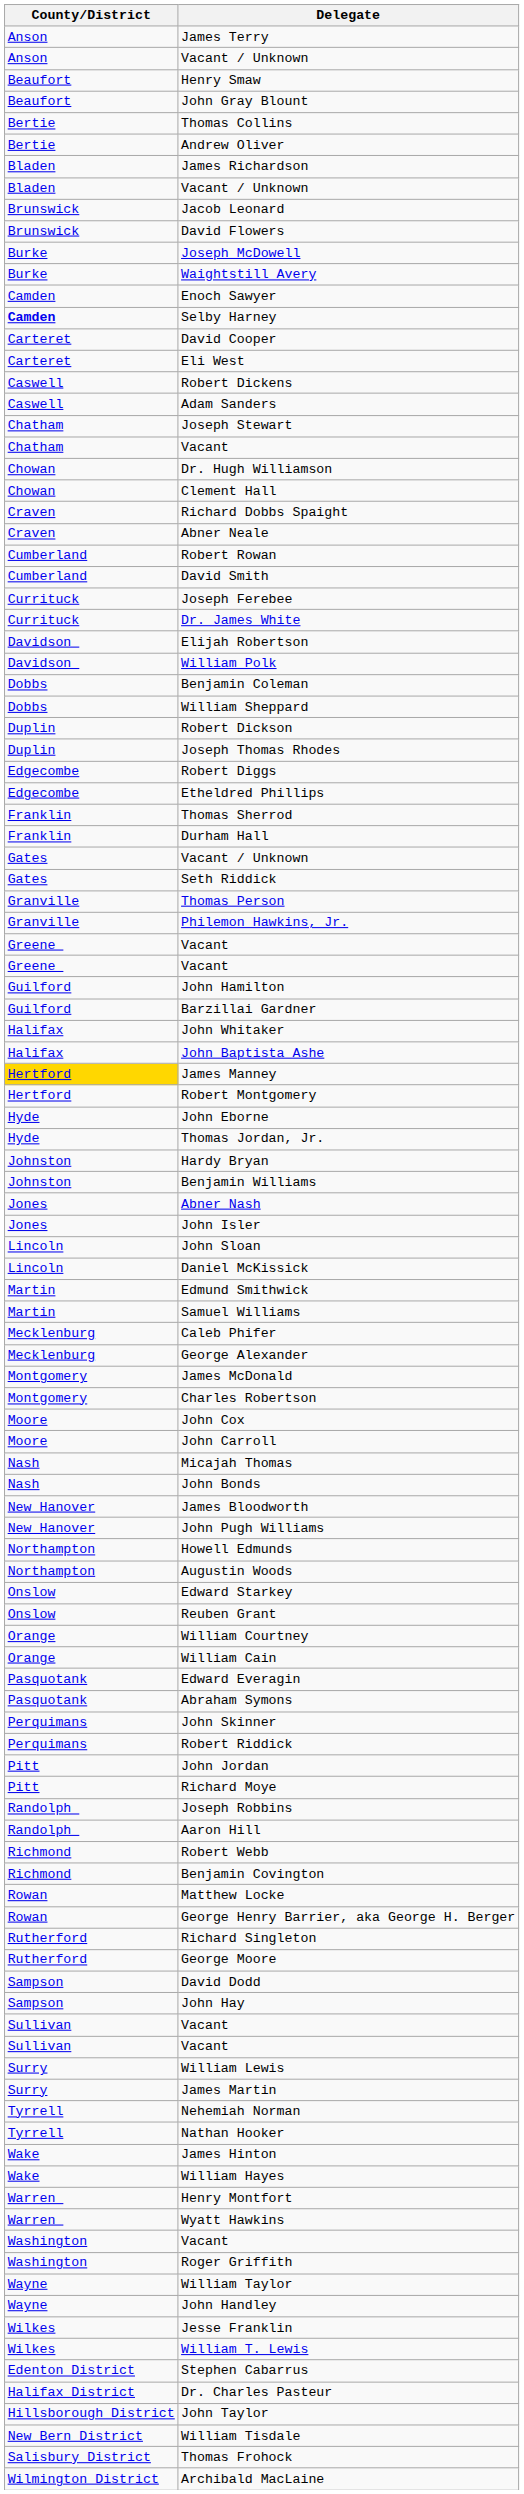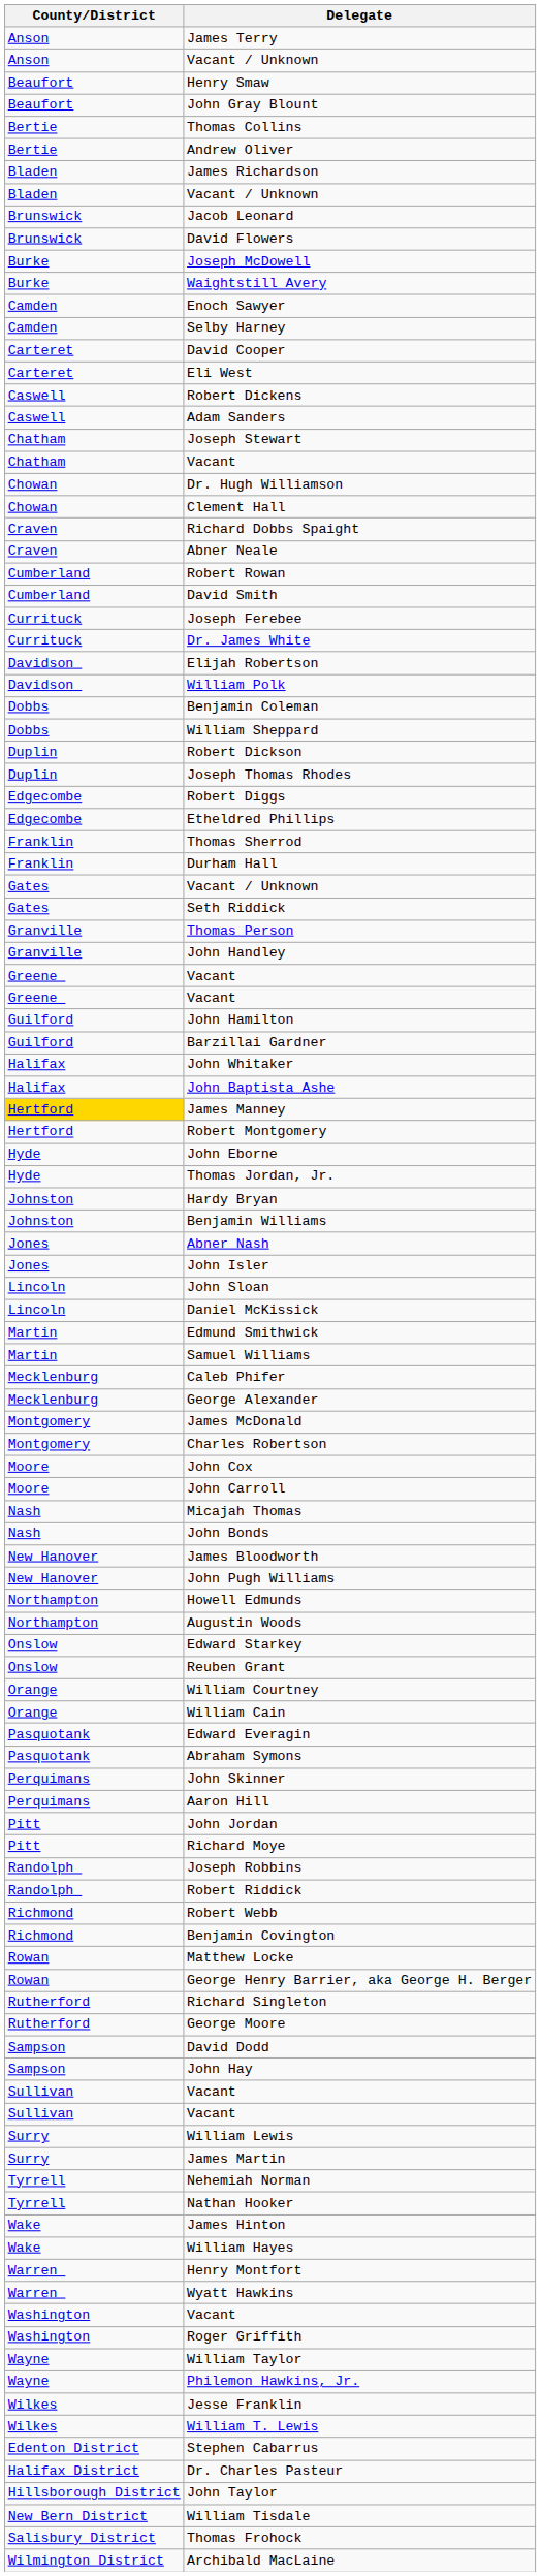 <table class="wikitable sortable">
 <tr>
 <th>County/District</th>
 <th>Delegate</th>
 </tr>
 <tr>
 <td><a href='#'>Anson</a></td>
 <td data-sort-value="Terry, James">James Terry</td>
 </tr>
 <tr>
 <td><a href='#'>Anson</a></td>
 <td data-sort-value="z Vacant/Unknown">Vacant / Unknown</td>
 </tr>
 <tr>
 <td><a href='#'>Beaufort</a></td>
 <td data-sort-value="Smaw, Henry">Henry Smaw</td>
 </tr>
 <tr>
 <td><a href='#'>Beaufort</a></td>
 <td data-sort-value="Blount, John Gray">John Gray Blount</td>
 </tr>
 <tr>
 <td><a href='#'>Bertie</a></td>
 <td data-sort-value="Collins, Thomas">Thomas Collins</td>
 </tr>
 <tr>
 <td><a href='#'>Bertie</a></td>
 <td data-sort-value="Oliver, Andrew">Andrew Oliver</td>
 </tr>
 <tr>
 <td><a href='#'>Bladen</a></td>
 <td data-sort-value="Richardson, James">James Richardson</td>
 </tr>
 <tr>
 <td><a href='#'>Bladen</a></td>
 <td data-sort-value="z Vacant/Unknown">Vacant / Unknown</td>
 </tr>
 <tr>
 <td><a href='#'>Brunswick</a></td>
 <td data-sort-value="Leonard, Jacob">Jacob Leonard</td>
 </tr>
 <tr>
 <td><a href='#'>Brunswick</a></td>
 <td data-sort-value="Flowers, David">David Flowers</td>
 </tr>
 <tr>
 <td><a href='#'>Burke</a></td>
 <td data-sort-value="McDowell, Joseph"><a href='#'>Joseph McDowell</a></td>
 </tr>
 <tr>
 <td><a href='#'>Burke</a></td>
 <td data-sort-value="Avery, Waightstill"><a href='#'>Waightstill Avery</a></td>
 </tr>
 <tr>
 <td><a href='#'>Camden</a></td>
 <td data-sort-value="Sawyer, Enoch">Enoch Sawyer</td>
 </tr>
 <tr>
-<td><strong><a href='#'>Camden</a></strong></td>
+<td><a href='#'>Camden</a></td>
 <td data-sort-value="Harney, Selby">Selby Harney</td>
 </tr>
 <tr>
 <td><a href='#'>Carteret</a></td>
 <td data-sort-value="Cooper, David">David Cooper</td>
 </tr>
 <tr>
 <td><a href='#'>Carteret</a></td>
 <td data-sort-value="West, Eli">Eli West</td>
 </tr>
 <tr>
 <td><a href='#'>Caswell</a></td>
 <td data-sort-value="Dickens, Robert">Robert Dickens</td>
 </tr>
 <tr>
 <td><a href='#'>Caswell</a></td>
 <td data-sort-value="Sanders, Adam">Adam Sanders</td>
 </tr>
 <tr>
 <td><a href='#'>Chatham</a></td>
 <td data-sort-value="Stewart, Joseph">Joseph Stewart</td>
 </tr>
 <tr>
 <td><a href='#'>Chatham</a></td>
 <td data-sort-value="z Vacant">Vacant</td>
 </tr>
 <tr>
 <td><a href='#'>Chowan</a></td>
 <td data-sort-value="williamson, Hugh, Dr.">Dr. Hugh Williamson</td>
 </tr>
 <tr>
 <td><a href='#'>Chowan</a></td>
 <td data-sort-value="Hall, Clement">Clement Hall</td>
 </tr>
 <tr>
 <td><a href='#'>Craven</a></td>
 <td data-sort-value="Spaight, Richard Dobbs">Richard Dobbs Spaight</td>
 </tr>
 <tr>
 <td><a href='#'>Craven</a></td>
 <td data-sort-value="Neale, Abner">Abner Neale</td>
 </tr>
 <tr>
 <td><a href='#'>Cumberland</a></td>
 <td data-sort-value="Rowan, Robert">Robert Rowan</td>
 </tr>
 <tr>
 <td><a href='#'>Cumberland</a></td>
 <td data-sort-value="Smith, David">David Smith</td>
 </tr>
 <tr>
 <td><a href='#'>Currituck</a></td>
 <td data-sort-value="Ferebee, Joseph">Joseph Ferebee</td>
 </tr>
 <tr>
 <td><a href='#'>Currituck</a></td>
 <td data-sort-value="White, James, Dr."><a href='#'>Dr. James White</a></td>
 </tr>
 <tr>
 <td><a href='#'>Davidson </a></td>
 <td data-sort-value="Robertson, Elijah">Elijah Robertson</td>
 </tr>
 <tr>
 <td><a href='#'>Davidson </a></td>
 <td data-sort-value="Polk, William"><a href='#'>William Polk</a></td>
 </tr>
 <tr>
 <td><a href='#'>Dobbs</a></td>
 <td data-sort-value="Coleman, Benjamin">Benjamin Coleman</td>
 </tr>
 <tr>
 <td><a href='#'>Dobbs</a></td>
 <td data-sort-value="Sheppard, William">William Sheppard</td>
 </tr>
 <tr>
 <td><a href='#'>Duplin</a></td>
 <td data-sort-value="Dickson, Robert">Robert Dickson</td>
 </tr>
 <tr>
 <td><a href='#'>Duplin</a></td>
 <td data-sort-value="Rhodes, Joseph Thomas">Joseph Thomas Rhodes</td>
 </tr>
 <tr>
 <td><a href='#'>Edgecombe</a></td>
 <td data-sort-value="Diggs, Robert">Robert Diggs</td>
 </tr>
 <tr>
 <td><a href='#'>Edgecombe</a></td>
 <td data-sort-value="Phillips, Etheldred">Etheldred Phillips</td>
 </tr>
 <tr>
 <td><a href='#'>Franklin</a></td>
 <td data-sort-value="Sherrod, Thomas">Thomas Sherrod</td>
 </tr>
 <tr>
 <td><a href='#'>Franklin</a></td>
 <td data-sort-value="Hall, Durham">Durham Hall</td>
 </tr>
 <tr>
 <td><a href='#'>Gates</a></td>
 <td data-sort-value="z Vacant/Unknown">Vacant / Unknown</td>
 </tr>
 <tr>
 <td><a href='#'>Gates</a></td>
 <td data-sort-value="Riddick, Seth">Seth Riddick</td>
 </tr>
 <tr>
 <td><a href='#'>Granville</a></td>
 <td data-sort-value="Person, Thomas"><a href='#'>Thomas Person</a></td>
 </tr>
 <tr>
 <td><a href='#'>Granville</a></td>
-<td data-sort-value="Hawkins, Philemon, Jr."><a href='#'>Philemon Hawkins, Jr.</a></td>
+<td data-sort-value="Handley, John">John Handley</td>
 </tr>
 <tr>
 <td><a href='#'>Greene </a></td>
 <td data-sort-value="z Vacant">Vacant</td>
 </tr>
 <tr>
 <td><a href='#'>Greene </a></td>
 <td data-sort-value="z Vacant ">Vacant</td>
 </tr>
 <tr>
 <td><a href='#'>Guilford</a></td>
 <td data-sort-value="Hamilton, John">John Hamilton</td>
 </tr>
 <tr>
 <td><a href='#'>Guilford</a></td>
 <td data-sort-value="Gardner, Barzillai">Barzillai Gardner</td>
 </tr>
 <tr>
 <td><a href='#'>Halifax</a></td>
 <td data-sort-value="Whitaker, John">John Whitaker</td>
 </tr>
 <tr>
 <td><a href='#'>Halifax</a></td>
 <td data-sort-value="Ashe, John Baptista"><a href='#'>John Baptista Ashe</a></td>
 </tr>
 <tr>
 <td style="background: gold;"><a href='#'>Hertford</a></td>
 <td data-sort-value="Manney, James">James Manney</td>
 </tr>
 <tr>
 <td><a href='#'>Hertford</a></td>
 <td data-sort-value="Montgomery, Robert">Robert Montgomery</td>
 </tr>
 <tr>
 <td><a href='#'>Hyde</a></td>
 <td data-sort-value="Eborne, John">John Eborne</td>
 </tr>
 <tr>
 <td><a href='#'>Hyde</a></td>
 <td data-sort-value="Jordan, Thomas, Jr.">Thomas Jordan, Jr.</td>
 </tr>
 <tr>
 <td><a href='#'>Johnston</a></td>
 <td data-sort-value="Bryan, Hardy">Hardy Bryan</td>
 </tr>
 <tr>
 <td><a href='#'>Johnston</a></td>
 <td data-sort-value="Williams, Benjamin">Benjamin Williams</td>
 </tr>
 <tr>
 <td><a href='#'>Jones</a></td>
 <td data-sort-value="Nash, Abner"><a href='#'>Abner Nash</a></td>
 </tr>
 <tr>
 <td><a href='#'>Jones</a></td>
 <td data-sort-value="Isler, John">John Isler</td>
 </tr>
 <tr>
 <td><a href='#'>Lincoln</a></td>
 <td data-sort-value="Sloan, John">John Sloan</td>
 </tr>
 <tr>
 <td><a href='#'>Lincoln</a></td>
 <td data-sort-value="McKissick, Daniel">Daniel McKissick</td>
 </tr>
 <tr>
 <td><a href='#'>Martin</a></td>
 <td data-sort-value="Smithwick, Edmund">Edmund Smithwick</td>
 </tr>
 <tr>
 <td><a href='#'>Martin</a></td>
 <td data-sort-value="Williams, Samuel">Samuel Williams</td>
 </tr>
 <tr>
 <td><a href='#'>Mecklenburg</a></td>
 <td data-sort-value="Phifer, Caleb">Caleb Phifer</td>
 </tr>
 <tr>
 <td><a href='#'>Mecklenburg</a></td>
 <td data-sort-value="Alexander, George">George Alexander</td>
 </tr>
 <tr>
 <td><a href='#'>Montgomery</a></td>
 <td data-sort-value="McDonald, James">James McDonald</td>
 </tr>
 <tr>
 <td><a href='#'>Montgomery</a></td>
 <td data-sort-value="Robertson, Charles">Charles Robertson</td>
 </tr>
 <tr>
 <td><a href='#'>Moore</a></td>
 <td data-sort-value="Cox, John">John Cox</td>
 </tr>
 <tr>
 <td><a href='#'>Moore</a></td>
 <td data-sort-value="Carroll, John">John Carroll</td>
 </tr>
 <tr>
 <td><a href='#'>Nash</a></td>
 <td data-sort-value="Thomas, Micajah">Micajah Thomas</td>
 </tr>
 <tr>
 <td><a href='#'>Nash</a></td>
 <td data-sort-value="Bonds, John">John Bonds</td>
 </tr>
 <tr>
 <td><a href='#'>New Hanover</a></td>
 <td data-sort-value="Bloodworth, James">James Bloodworth</td>
 </tr>
 <tr>
 <td><a href='#'>New Hanover</a></td>
 <td data-sort-value="Williams, John Pugh">John Pugh Williams</td>
 </tr>
 <tr>
 <td><a href='#'>Northampton</a></td>
 <td data-sort-value="Edmunds, Howell">Howell Edmunds</td>
 </tr>
 <tr>
 <td><a href='#'>Northampton</a></td>
 <td data-sort-value="Woods, Augustin">Augustin Woods</td>
 </tr>
 <tr>
 <td><a href='#'>Onslow</a></td>
 <td data-sort-value="Starkey, Edward">Edward Starkey</td>
 </tr>
 <tr>
 <td><a href='#'>Onslow</a></td>
 <td data-sort-value="Grant, Reuben">Reuben Grant</td>
 </tr>
 <tr>
 <td><a href='#'>Orange</a></td>
 <td data-sort-value="Courtney, William">William Courtney</td>
 </tr>
 <tr>
 <td><a href='#'>Orange</a></td>
 <td data-sort-value="Cain, William">William Cain</td>
 </tr>
 <tr>
 <td><a href='#'>Pasquotank</a></td>
 <td data-sort-value="Everagin, Edward">Edward Everagin</td>
 </tr>
 <tr>
 <td><a href='#'>Pasquotank</a></td>
 <td data-sort-value="Symons, Abraham">Abraham Symons</td>
 </tr>
 <tr>
 <td><a href='#'>Perquimans</a></td>
 <td data-sort-value="Skinner, John">John Skinner</td>
 </tr>
 <tr>
 <td><a href='#'>Perquimans</a></td>
-<td data-sort-value="Riddick, Robert">Robert Riddick</td>
+<td data-sort-value="Hill, Aaron">Aaron Hill</td>
 </tr>
 <tr>
 <td><a href='#'>Pitt</a></td>
 <td data-sort-value="Jordan, John">John Jordan</td>
 </tr>
 <tr>
 <td><a href='#'>Pitt</a></td>
 <td data-sort-value="Moye, Richard">Richard Moye</td>
 </tr>
 <tr>
 <td><a href='#'>Randolph </a></td>
 <td data-sort-value="Robbins, Joseph">Joseph Robbins</td>
 </tr>
 <tr>
 <td><a href='#'>Randolph </a></td>
-<td data-sort-value="Hill, Aaron">Aaron Hill</td>
+<td data-sort-value="Riddick, Robert">Robert Riddick</td>
 </tr>
 <tr>
 <td><a href='#'>Richmond</a></td>
 <td data-sort-value="Webb, Robert">Robert Webb</td>
 </tr>
 <tr>
 <td><a href='#'>Richmond</a></td>
 <td data-sort-value="Covington, Benjamin">Benjamin Covington</td>
 </tr>
 <tr>
 <td><a href='#'>Rowan</a></td>
 <td data-sort-value="Locke, Matthew">Matthew Locke</td>
 </tr>
 <tr>
 <td><a href='#'>Rowan</a></td>
 <td data-sort-value="Berger, George H.">George Henry Barrier, aka George H. Berger</td>
 </tr>
 <tr>
 <td><a href='#'>Rutherford</a></td>
 <td data-sort-value="Singleton, Richard">Richard Singleton</td>
 </tr>
 <tr>
 <td><a href='#'>Rutherford</a></td>
 <td data-sort-value="Moore, George">George Moore</td>
 </tr>
 <tr>
 <td><a href='#'>Sampson</a></td>
 <td data-sort-value="Dodd, David">David Dodd</td>
 </tr>
 <tr>
 <td><a href='#'>Sampson</a></td>
 <td data-sort-value="Hay, John">John Hay</td>
 </tr>
 <tr>
 <td><a href='#'>Sullivan</a></td>
 <td data-sort-value="z Vacant">Vacant</td>
 </tr>
 <tr>
 <td><a href='#'>Sullivan</a></td>
 <td data-sort-value="z Vacant">Vacant</td>
 </tr>
 <tr>
 <td><a href='#'>Surry</a></td>
 <td data-sort-value="Lewis, William">William Lewis</td>
 </tr>
 <tr>
 <td><a href='#'>Surry</a></td>
 <td data-sort-value="Martin, James">James Martin</td>
 </tr>
 <tr>
 <td><a href='#'>Tyrrell</a></td>
 <td data-sort-value="Norman, Nehemiah">Nehemiah Norman</td>
 </tr>
 <tr>
 <td><a href='#'>Tyrrell</a></td>
 <td data-sort-value="Hooker, Nathan">Nathan Hooker</td>
 </tr>
 <tr>
 <td><a href='#'>Wake</a></td>
 <td data-sort-value="Hinton, James">James Hinton</td>
 </tr>
 <tr>
 <td><a href='#'>Wake</a></td>
 <td data-sort-value="Hayes, William">William Hayes</td>
 </tr>
 <tr>
 <td><a href='#'>Warren </a></td>
 <td data-sort-value="Montfort, Henry">Henry Montfort</td>
 </tr>
 <tr>
 <td><a href='#'>Warren </a></td>
 <td data-sort-value="Hawkins, Wyatt">Wyatt Hawkins</td>
 </tr>
 <tr>
 <td><a href='#'>Washington</a></td>
 <td data-sort-value="z Vacant">Vacant</td>
 </tr>
 <tr>
 <td><a href='#'>Washington</a></td>
 <td data-sort-value="Griffith, Roger">Roger Griffith</td>
 </tr>
 <tr>
 <td><a href='#'>Wayne</a></td>
 <td data-sort-value="Taylor, William">William Taylor</td>
 </tr>
 <tr>
 <td><a href='#'>Wayne</a></td>
-<td data-sort-value="Handley, John">John Handley</td>
+<td data-sort-value="Hawkins, Philemon, Jr."><a href='#'>Philemon Hawkins, Jr.</a></td>
 </tr>
 <tr>
 <td><a href='#'>Wilkes</a></td>
 <td data-sort-value="Franklin, Jesse">Jesse Franklin</td>
 </tr>
 <tr>
 <td><a href='#'>Wilkes</a></td>
 <td data-sort-value="lewis, T., William."><a href='#'>William T. Lewis</a></td>
 </tr>
 <tr>
 <td><a href='#'>Edenton District</a></td>
 <td data-sort-value="Cabarrus, Stephen">Stephen Cabarrus</td>
 </tr>
 <tr>
 <td><a href='#'>Halifax District</a></td>
 <td data-sort-value="Pasteur, Charles, Dr..">Dr. Charles Pasteur</td>
 </tr>
 <tr>
 <td><a href='#'>Hillsborough District</a></td>
 <td data-sort-value="Taylor, John">John Taylor</td>
 </tr>
 <tr>
 <td><a href='#'>New Bern District</a></td>
 <td data-sort-value="Tisdale, William">William Tisdale</td>
 </tr>
 <tr>
 <td><a href='#'>Salisbury District</a></td>
 <td data-sort-value="Frohock, Thomas">Thomas Frohock</td>
 </tr>
 <tr>
 <td><a href='#'>Wilmington District</a></td>
 <td data-sort-value="MacLaine, Archibald">Archibald MacLaine</td>
 </tr>
 </table>
